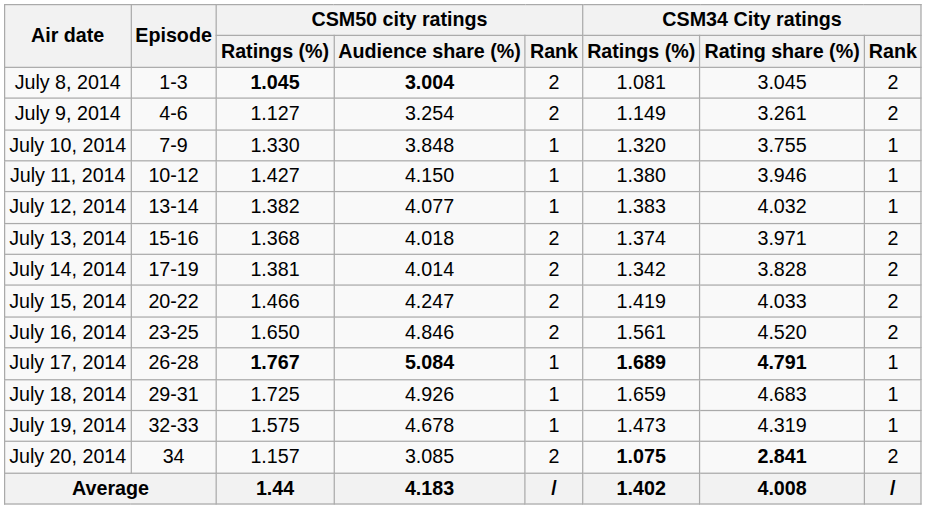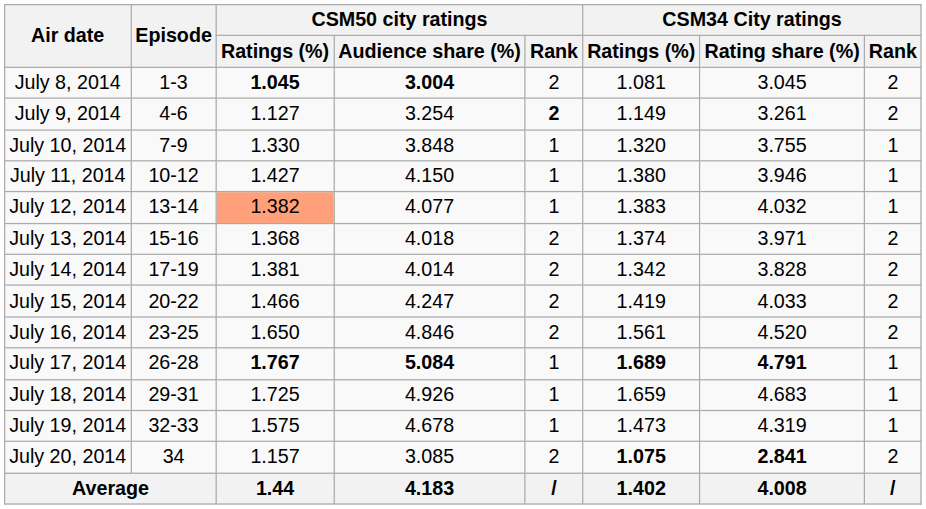 <table class="wikitable sortable mw-collapsible jquery-tablesorter" style="text-align:center">
 <tr>
 <th rowspan="2">Air date</th>
 <th rowspan="2">Episode</th>
 <th colspan="3">CSM50 city ratings</th>
 <th colspan="3">CSM34 City ratings</th>
 </tr>
 <tr>
 <th>Ratings (%)</th>
 <th>Audience share (%)</th>
 <th>Rank</th>
 <th>Ratings (%)</th>
 <th>Rating share (%)</th>
 <th>Rank</th>
 </tr>
 <tr>
 <td>July 8, 2014</td>
 <td>1-3</td>
 <td><strong><span>1.045</span></strong></td>
 <td><strong><span>3.004</span></strong></td>
 <td>2</td>
 <td>1.081</td>
 <td>3.045</td>
 <td>2</td>
 </tr>
 <tr>
 <td>July 9, 2014</td>
 <td>4-6</td>
 <td>1.127</td>
 <td>3.254</td>
-<td>2</td>
+<td><strong>2</strong></td>
 <td>1.149</td>
 <td>3.261</td>
 <td>2</td>
 </tr>
 <tr>
 <td>July 10, 2014</td>
 <td>7-9</td>
 <td>1.330</td>
 <td>3.848</td>
 <td>1</td>
 <td>1.320</td>
 <td>3.755</td>
 <td>1</td>
 </tr>
 <tr>
 <td>July 11, 2014</td>
 <td>10-12</td>
 <td>1.427</td>
 <td>4.150</td>
 <td>1</td>
 <td>1.380</td>
 <td>3.946</td>
 <td>1</td>
 </tr>
 <tr>
 <td>July 12, 2014</td>
 <td>13-14</td>
-<td>1.382</td>
+<td style="background: lightsalmon;">1.382</td>
 <td>4.077</td>
 <td>1</td>
 <td>1.383</td>
 <td>4.032</td>
 <td>1</td>
 </tr>
 <tr>
 <td>July 13, 2014</td>
 <td>15-16</td>
 <td>1.368</td>
 <td>4.018</td>
 <td>2</td>
 <td>1.374</td>
 <td>3.971</td>
 <td>2</td>
 </tr>
 <tr>
 <td>July 14, 2014</td>
 <td>17-19</td>
 <td>1.381</td>
 <td>4.014</td>
 <td>2</td>
 <td>1.342</td>
 <td>3.828</td>
 <td>2</td>
 </tr>
 <tr>
 <td>July 15, 2014</td>
 <td>20-22</td>
 <td>1.466</td>
 <td>4.247</td>
 <td>2</td>
 <td>1.419</td>
 <td>4.033</td>
 <td>2</td>
 </tr>
 <tr>
 <td>July 16, 2014</td>
 <td>23-25</td>
 <td>1.650</td>
 <td>4.846</td>
 <td>2</td>
 <td>1.561</td>
 <td>4.520</td>
 <td>2</td>
 </tr>
 <tr>
 <td>July 17, 2014</td>
 <td>26-28</td>
 <td><strong><span>1.767</span></strong></td>
 <td><strong><span>5.084</span></strong></td>
 <td>1</td>
 <td><strong><span>1.689</span></strong></td>
 <td><strong><span>4.791</span></strong></td>
 <td>1</td>
 </tr>
 <tr>
 <td>July 18, 2014</td>
 <td>29-31</td>
 <td>1.725</td>
 <td>4.926</td>
 <td>1</td>
 <td>1.659</td>
 <td>4.683</td>
 <td>1</td>
 </tr>
 <tr>
 <td>July 19, 2014</td>
 <td>32-33</td>
 <td>1.575</td>
 <td>4.678</td>
 <td>1</td>
 <td>1.473</td>
 <td>4.319</td>
 <td>1</td>
 </tr>
 <tr>
 <td>July 20, 2014</td>
 <td>34</td>
 <td>1.157</td>
 <td>3.085</td>
 <td>2</td>
 <td><strong><span>1.075</span></strong></td>
 <td><strong><span>2.841</span></strong></td>
 <td>2</td>
 </tr>
 <tr>
 <th colspan="2">Average</th>
 <th>1.44</th>
 <th>4.183</th>
 <th>/</th>
 <th>1.402</th>
 <th>4.008</th>
 <th>/</th>
 </tr>
 </table>
